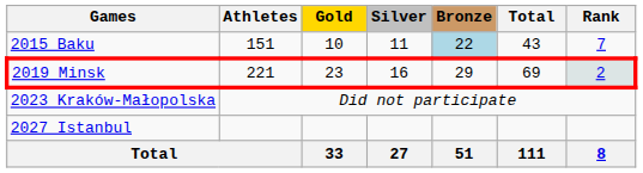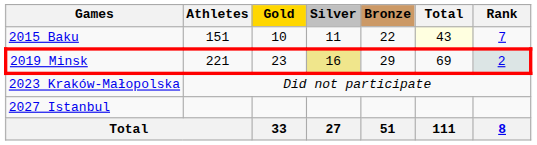 <table class="wikitable" style="text-align:center; font-size:90%;">
 <tr>
 <th>Games</th>
 <th>Athletes</th>
 <td style="background:gold; width:3.7em; font-weight:bold;">Gold</td>
 <td style="background:silver; width:3.7em; font-weight:bold;">Silver</td>
 <td style="background:#cc9966; width:3.7em; font-weight:bold;">Bronze</td>
 <th style="width:4em; font-weight:bold;">Total</th>
 <th style="width:4em; font-weight:bold;">Rank</th>
 </tr>
 <tr>
 <td align=left> <a href='#'>2015 Baku</a></td>
 <td>151</td>
 <td>10</td>
 <td>11</td>
-<td style="background: lightblue;">22</td>
-<td>43</td>
+<td>22</td>
+<td style="background: lightyellow;">43</td>
 <td><a href='#'>7</a></td>
 </tr>
 <tr style="border: 3px solid red">
 <td align=left> <a href='#'>2019 Minsk</a></td>
 <td>221</td>
 <td>23</td>
-<td>16</td>
+<td style="background: khaki;">16</td>
 <td>29</td>
 <td>69</td>
 <td bgcolor=DCE5E5><a href='#'>2</a></td>
 </tr>
 <tr>
 <td align=left> <a href='#'>2023 Kraków-Małopolska</a></td>
 <td colspan=6><em>Did not participate</em></td>
 </tr>
 <tr>
 <td align=left> <a href='#'>2027 Istanbul</a></td>
 <td></td>
 <td></td>
 <td></td>
 <td></td>
 <td></td>
 <td></td>
 </tr>
 <tr>
 <th colspan=2>Total</th>
 <th>33</th>
 <th>27</th>
 <th>51</th>
 <th>111</th>
 <th><a href='#'>8</a></th>
 </tr>
 </table>
